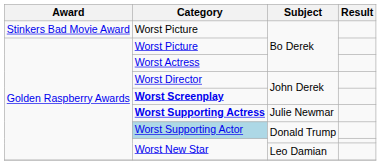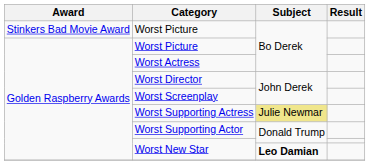 <table class="wikitable">
 <tr>
 <th>Award</th>
 <th>Category</th>
 <th>Subject</th>
 <th>Result</th>
 </tr>
 <tr>
 <td><a href='#'>Stinkers Bad Movie Award</a></td>
 <td>Worst Picture</td>
 <td rowspan=3>Bo Derek</td>
 <td></td>
 </tr>
 <tr>
 <td rowspan=8><a href='#'>Golden Raspberry Awards</a></td>
 <td><a href='#'>Worst Picture</a></td>
 <td></td>
 </tr>
 <tr>
 <td><a href='#'>Worst Actress</a></td>
 <td></td>
 </tr>
 <tr>
 <td><a href='#'>Worst Director</a></td>
 <td rowspan=2>John Derek</td>
 <td></td>
 </tr>
 <tr>
-<td><strong><a href='#'>Worst Screenplay</a></strong></td>
+<td><a href='#'>Worst Screenplay</a></td>
 <td></td>
 </tr>
 <tr>
-<td><strong><a href='#'>Worst Supporting Actress</a></strong></td>
-<td>Julie Newmar</td>
+<td><a href='#'>Worst Supporting Actress</a></td>
+<td style="background: khaki;">Julie Newmar</td>
 <td></td>
 </tr>
 <tr>
-<td style="background: lightblue;"><a href='#'>Worst Supporting Actor</a></td>
+<td><a href='#'>Worst Supporting Actor</a></td>
 <td rowspan=2>Donald Trump</td>
 <td></td>
 </tr>
 <tr>
 <td rowspan=2><a href='#'>Worst New Star</a></td>
 <td></td>
 </tr>
 <tr>
-<td>Leo Damian</td>
+<td><strong>Leo Damian</strong></td>
 <td></td>
 </tr>
 <tr>
 </tr>
 </table>
